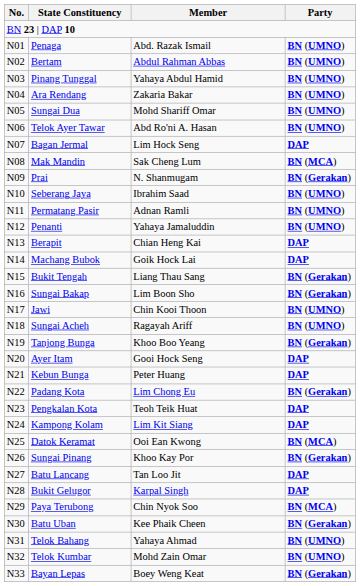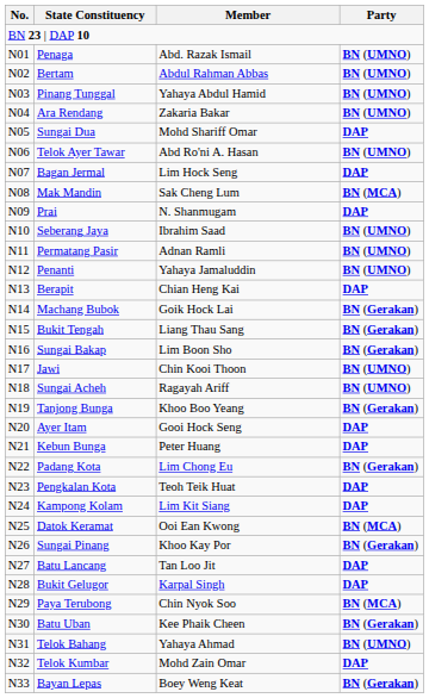 <table class="wikitable sortable">
 <tr>
 <th style="width:30px;">No.</th>
 <th style="width:150px;">State Constituency</th>
 <th style="width:230px;">Member</th>
 <th style="width:100px;">Party</th>
 </tr>
 <tr>
 <td colspan="4"><a href='#'>BN</a> <strong>23</strong> | <a href='#'>DAP</a> <strong>10</strong></td>
 </tr>
 <tr>
 <td>N01</td>
 <td><a href='#'>Penaga</a></td>
 <td>Abd. Razak Ismail</td>
 <td><strong><a href='#'>BN</a></strong> (<strong><a href='#'>UMNO</a></strong>)</td>
 </tr>
 <tr>
 <td>N02</td>
 <td><a href='#'>Bertam</a></td>
 <td><a href='#'>Abdul Rahman Abbas</a></td>
 <td><strong><a href='#'>BN</a></strong> (<strong><a href='#'>UMNO</a></strong>)</td>
 </tr>
 <tr>
 <td>N03</td>
 <td><a href='#'>Pinang Tunggal</a></td>
 <td>Yahaya Abdul Hamid</td>
 <td><strong><a href='#'>BN</a></strong> (<strong><a href='#'>UMNO</a></strong>)</td>
 </tr>
 <tr>
 <td>N04</td>
 <td><a href='#'>Ara Rendang</a></td>
 <td>Zakaria Bakar</td>
 <td><strong><a href='#'>BN</a></strong> (<strong><a href='#'>UMNO</a></strong>)</td>
 </tr>
 <tr>
 <td>N05</td>
 <td><a href='#'>Sungai Dua</a></td>
 <td>Mohd Shariff Omar</td>
-<td><strong><a href='#'>BN</a></strong> (<strong><a href='#'>UMNO</a></strong>)</td>
+<td><strong><a href='#'>DAP</a></strong></td>
 </tr>
 <tr>
 <td>N06</td>
 <td><a href='#'>Telok Ayer Tawar</a></td>
 <td>Abd Ro'ni A. Hasan</td>
 <td><strong><a href='#'>BN</a></strong> (<strong><a href='#'>UMNO</a></strong>)</td>
 </tr>
 <tr>
 <td>N07</td>
 <td><a href='#'>Bagan Jermal</a></td>
 <td>Lim Hock Seng</td>
 <td><strong><a href='#'>DAP</a></strong></td>
 </tr>
 <tr>
 <td>N08</td>
 <td><a href='#'>Mak Mandin</a></td>
 <td>Sak Cheng Lum</td>
 <td><strong><a href='#'>BN</a></strong> (<strong><a href='#'>MCA</a></strong>)</td>
 </tr>
 <tr>
 <td>N09</td>
 <td><a href='#'>Prai</a></td>
 <td>N. Shanmugam</td>
-<td><strong><a href='#'>BN</a></strong> (<strong><a href='#'>Gerakan</a></strong>)</td>
+<td><strong><a href='#'>DAP</a></strong></td>
 </tr>
 <tr>
 <td>N10</td>
 <td><a href='#'>Seberang Jaya</a></td>
 <td>Ibrahim Saad</td>
 <td><strong><a href='#'>BN</a></strong> (<strong><a href='#'>UMNO</a></strong>)</td>
 </tr>
 <tr>
 <td>N11</td>
 <td><a href='#'>Permatang Pasir</a></td>
 <td>Adnan Ramli</td>
 <td><strong><a href='#'>BN</a></strong> (<strong><a href='#'>UMNO</a></strong>)</td>
 </tr>
 <tr>
 <td>N12</td>
 <td><a href='#'>Penanti</a></td>
 <td>Yahaya Jamaluddin</td>
 <td><strong><a href='#'>BN</a></strong> (<strong><a href='#'>UMNO</a></strong>)</td>
 </tr>
 <tr>
 <td>N13</td>
 <td><a href='#'>Berapit</a></td>
 <td>Chian Heng Kai</td>
 <td><strong><a href='#'>DAP</a></strong></td>
 </tr>
 <tr>
 <td>N14</td>
 <td><a href='#'>Machang Bubok</a></td>
 <td>Goik Hock Lai</td>
-<td><strong><a href='#'>DAP</a></strong></td>
+<td><strong><a href='#'>BN</a></strong> (<strong><a href='#'>Gerakan</a></strong>)</td>
 </tr>
 <tr>
 <td>N15</td>
 <td><a href='#'>Bukit Tengah</a></td>
 <td>Liang Thau Sang</td>
 <td><strong><a href='#'>BN</a></strong> (<strong><a href='#'>Gerakan</a></strong>)</td>
 </tr>
 <tr>
 <td>N16</td>
 <td><a href='#'>Sungai Bakap</a></td>
 <td>Lim Boon Sho</td>
 <td><strong><a href='#'>BN</a></strong> (<strong><a href='#'>Gerakan</a></strong>)</td>
 </tr>
 <tr>
 <td>N17</td>
 <td><a href='#'>Jawi</a></td>
 <td>Chin Kooi Thoon</td>
 <td><strong><a href='#'>BN</a></strong> (<strong><a href='#'>UMNO</a></strong>)</td>
 </tr>
 <tr>
 <td>N18</td>
 <td><a href='#'>Sungai Acheh</a></td>
 <td>Ragayah Ariff</td>
 <td><strong><a href='#'>BN</a></strong> (<strong><a href='#'>UMNO</a></strong>)</td>
 </tr>
 <tr>
 <td>N19</td>
 <td><a href='#'>Tanjong Bunga</a></td>
 <td>Khoo Boo Yeang</td>
 <td><strong><a href='#'>BN</a></strong> (<strong><a href='#'>Gerakan</a></strong>)</td>
 </tr>
 <tr>
 <td>N20</td>
 <td><a href='#'>Ayer Itam</a></td>
 <td>Gooi Hock Seng</td>
 <td><strong><a href='#'>DAP</a></strong></td>
 </tr>
 <tr>
 <td>N21</td>
 <td><a href='#'>Kebun Bunga</a></td>
 <td>Peter Huang</td>
 <td><strong><a href='#'>DAP</a></strong></td>
 </tr>
 <tr>
 <td>N22</td>
 <td><a href='#'>Padang Kota</a></td>
 <td><a href='#'>Lim Chong Eu</a></td>
 <td><strong><a href='#'>BN</a></strong> (<strong><a href='#'>Gerakan</a></strong>)</td>
 </tr>
 <tr>
 <td>N23</td>
 <td><a href='#'>Pengkalan Kota</a></td>
 <td>Teoh Teik Huat</td>
 <td><strong><a href='#'>DAP</a></strong></td>
 </tr>
 <tr>
 <td>N24</td>
 <td><a href='#'>Kampong Kolam</a></td>
 <td><a href='#'>Lim Kit Siang</a></td>
 <td><strong><a href='#'>DAP</a></strong></td>
 </tr>
 <tr>
 <td>N25</td>
 <td><a href='#'>Datok Keramat</a></td>
 <td>Ooi Ean Kwong</td>
 <td><strong><a href='#'>BN</a></strong> (<strong><a href='#'>MCA</a></strong>)</td>
 </tr>
 <tr>
 <td>N26</td>
 <td><a href='#'>Sungai Pinang</a></td>
 <td>Khoo Kay Por</td>
 <td><strong><a href='#'>BN</a></strong> (<strong><a href='#'>Gerakan</a></strong>)</td>
 </tr>
 <tr>
 <td>N27</td>
 <td><a href='#'>Batu Lancang</a></td>
 <td>Tan Loo Jit</td>
 <td><strong><a href='#'>DAP</a></strong></td>
 </tr>
 <tr>
 <td>N28</td>
 <td><a href='#'>Bukit Gelugor</a></td>
 <td><a href='#'>Karpal Singh</a></td>
 <td><strong><a href='#'>DAP</a></strong></td>
 </tr>
 <tr>
 <td>N29</td>
 <td><a href='#'>Paya Terubong</a></td>
 <td>Chin Nyok Soo</td>
 <td><strong><a href='#'>BN</a></strong> (<strong><a href='#'>MCA</a></strong>)</td>
 </tr>
 <tr>
 <td>N30</td>
 <td><a href='#'>Batu Uban</a></td>
 <td>Kee Phaik Cheen</td>
 <td><strong><a href='#'>BN</a></strong> (<strong><a href='#'>Gerakan</a></strong>)</td>
 </tr>
 <tr>
 <td>N31</td>
 <td><a href='#'>Telok Bahang</a></td>
 <td>Yahaya Ahmad</td>
 <td><strong><a href='#'>BN</a></strong> (<strong><a href='#'>UMNO</a></strong>)</td>
 </tr>
 <tr>
 <td>N32</td>
 <td><a href='#'>Telok Kumbar</a></td>
 <td>Mohd Zain Omar</td>
-<td><strong><a href='#'>BN</a></strong> (<strong><a href='#'>UMNO</a></strong>)</td>
+<td><strong><a href='#'>DAP</a></strong></td>
 </tr>
 <tr>
 <td>N33</td>
 <td><a href='#'>Bayan Lepas</a></td>
 <td>Boey Weng Keat</td>
 <td><strong><a href='#'>BN</a></strong> (<strong><a href='#'>Gerakan</a></strong>)</td>
 </tr>
 </table>
